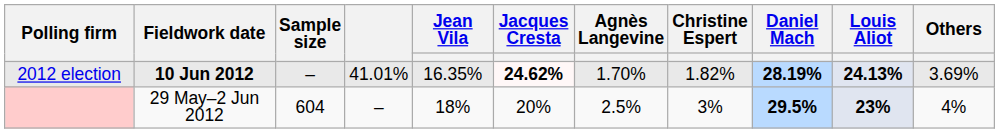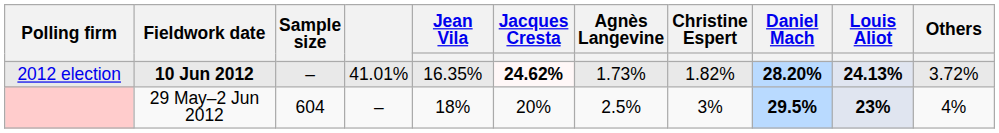 <table class="wikitable sortable" style="text-align:center;font-size:90%;line-height:14px;">
 <tr style="height:40px;">
 <th style="width:100px;" rowspan="2">Polling firm</th>
 <th style="width:110px;" rowspan="2">Fieldwork date</th>
 <th style="width:35px;" rowspan="2">Sample<br>size</th>
 <th style="width:30px;" rowspan="2"></th>
 <th class="unsortable" style="width:60px;"><a href='#'>Jean Vila</a><br></th>
 <th class="unsortable" style="width:60px;"><a href='#'>Jacques Cresta</a><br></th>
 <th class="unsortable" style="width:60px;">Agnès Langevine<br></th>
 <th class="unsortable" style="width:60px;">Christine Espert<br></th>
 <th class="unsortable" style="width:60px;"><a href='#'>Daniel Mach</a><br></th>
 <th class="unsortable" style="width:60px;"><a href='#'>Louis Aliot</a><br></th>
 <th class="unsortable" style="width:60px;">Others</th>
 </tr>
 <tr>
 <th style="background:"></th>
 <th style="background:"></th>
 <th style="background:"></th>
 <th style="background:"></th>
 <th style="background:"></th>
 <th style="background:"></th>
 <th style="background:"></th>
 </tr>
 <tr style="background:#E9E9E9;">
 <td><a href='#'>2012 election</a></td>
 <td data-sort-value="2012-06-10"><strong>10 Jun 2012</strong></td>
 <td>–</td>
 <td>41.01%</td>
 <td>16.35%</td>
 <td style="background:#FFF7F7;"><strong>24.62%</strong></td>
-<td>1.70%</td>
+<td>1.73%</td>
 <td>1.82%</td>
-<td style="background:#B9DAFF;"><strong>28.19%</strong></td>
+<td style="background:#B9DAFF;"><strong>28.20%</strong></td>
 <td style="background:#E0E5F0;"><strong>24.13%</strong></td>
-<td>3.69%</td>
+<td>3.72%</td>
 </tr>
 <tr>
 <td style="background:#FFCCCC;"></td>
 <td data-sort-value="2012-06-02">29 May–2 Jun 2012</td>
 <td>604</td>
 <td>–</td>
 <td>18%</td>
 <td>20%</td>
 <td>2.5%</td>
 <td>3%</td>
 <td style="background:#B9DAFF;"><strong>29.5%</strong></td>
 <td style="background:#E0E5F0;"><strong>23%</strong></td>
 <td>4%</td>
 </tr>
 </table>
